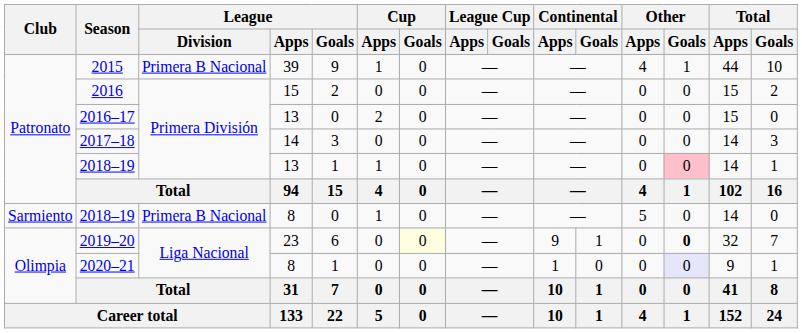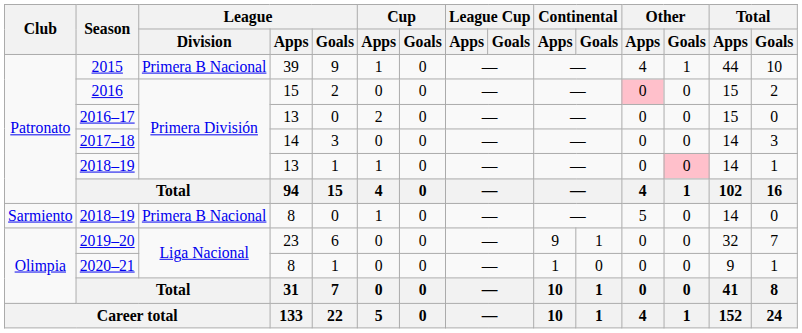 <table class="wikitable" style="text-align:center">
 <tr>
 <th rowspan="2">Club</th>
 <th rowspan="2">Season</th>
 <th colspan="3">League</th>
 <th colspan="2">Cup</th>
 <th colspan="2">League Cup</th>
 <th colspan="2">Continental</th>
 <th colspan="2">Other</th>
 <th colspan="2">Total</th>
 </tr>
 <tr>
 <th>Division</th>
 <th>Apps</th>
 <th>Goals</th>
 <th>Apps</th>
 <th>Goals</th>
 <th>Apps</th>
 <th>Goals</th>
 <th>Apps</th>
 <th>Goals</th>
 <th>Apps</th>
 <th>Goals</th>
 <th>Apps</th>
 <th>Goals</th>
 </tr>
 <tr>
 <td rowspan="6"><a href='#'>Patronato</a></td>
 <td><a href='#'>2015</a></td>
 <td rowspan="1"><a href='#'>Primera B Nacional</a></td>
 <td>39</td>
 <td>9</td>
 <td>1</td>
 <td>0</td>
 <td colspan="2">—</td>
 <td colspan="2">—</td>
 <td>4</td>
 <td>1</td>
 <td>44</td>
 <td>10</td>
 </tr>
 <tr>
 <td><a href='#'>2016</a></td>
 <td rowspan="4"><a href='#'>Primera División</a></td>
 <td>15</td>
 <td>2</td>
 <td>0</td>
 <td>0</td>
 <td colspan="2">—</td>
 <td colspan="2">—</td>
-<td>0</td>
+<td style="background: pink;">0</td>
 <td>0</td>
 <td>15</td>
 <td>2</td>
 </tr>
 <tr>
 <td><a href='#'>2016–17</a></td>
 <td>13</td>
 <td>0</td>
 <td>2</td>
 <td>0</td>
 <td colspan="2">—</td>
 <td colspan="2">—</td>
 <td>0</td>
 <td>0</td>
 <td>15</td>
 <td>0</td>
 </tr>
 <tr>
 <td><a href='#'>2017–18</a></td>
 <td>14</td>
 <td>3</td>
 <td>0</td>
 <td>0</td>
 <td colspan="2">—</td>
 <td colspan="2">—</td>
 <td>0</td>
 <td>0</td>
 <td>14</td>
 <td>3</td>
 </tr>
 <tr>
 <td><a href='#'>2018–19</a></td>
 <td>13</td>
 <td>1</td>
 <td>1</td>
 <td>0</td>
 <td colspan="2">—</td>
 <td colspan="2">—</td>
 <td>0</td>
 <td style="background: pink;">0</td>
 <td>14</td>
 <td>1</td>
 </tr>
 <tr>
 <th colspan="2">Total</th>
 <th>94</th>
 <th>15</th>
 <th>4</th>
 <th>0</th>
 <th colspan="2">—</th>
 <th colspan="2">—</th>
 <th>4</th>
 <th>1</th>
 <th>102</th>
 <th>16</th>
 </tr>
 <tr>
 <td rowspan="1"><a href='#'>Sarmiento</a></td>
 <td><a href='#'>2018–19</a></td>
 <td rowspan="1"><a href='#'>Primera B Nacional</a></td>
 <td>8</td>
 <td>0</td>
 <td>1</td>
 <td>0</td>
 <td colspan="2">—</td>
 <td colspan="2">—</td>
 <td>5</td>
 <td>0</td>
 <td>14</td>
 <td>0</td>
 </tr>
 <tr>
 <td rowspan="3"><a href='#'>Olimpia</a></td>
 <td><a href='#'>2019–20</a></td>
 <td rowspan="2"><a href='#'>Liga Nacional</a></td>
 <td>23</td>
 <td>6</td>
 <td>0</td>
-<td style="background: lightyellow;">0</td>
+<td>0</td>
 <td colspan="2">—</td>
 <td>9</td>
 <td>1</td>
 <td>0</td>
-<td><strong>0</strong></td>
+<td>0</td>
 <td>32</td>
 <td>7</td>
 </tr>
 <tr>
 <td><a href='#'>2020–21</a></td>
 <td>8</td>
 <td>1</td>
 <td>0</td>
 <td>0</td>
 <td colspan="2">—</td>
 <td>1</td>
 <td>0</td>
 <td>0</td>
-<td style="background: lavender;">0</td>
+<td>0</td>
 <td>9</td>
 <td>1</td>
 </tr>
 <tr>
 <th colspan="2">Total</th>
 <th>31</th>
 <th>7</th>
 <th>0</th>
 <th>0</th>
 <th colspan="2">—</th>
 <th>10</th>
 <th>1</th>
 <th>0</th>
 <th>0</th>
 <th>41</th>
 <th>8</th>
 </tr>
 <tr>
 <th colspan="3">Career total</th>
 <th>133</th>
 <th>22</th>
 <th>5</th>
 <th>0</th>
 <th colspan="2">—</th>
 <th>10</th>
 <th>1</th>
 <th>4</th>
 <th>1</th>
 <th>152</th>
 <th>24</th>
 </tr>
 </table>
